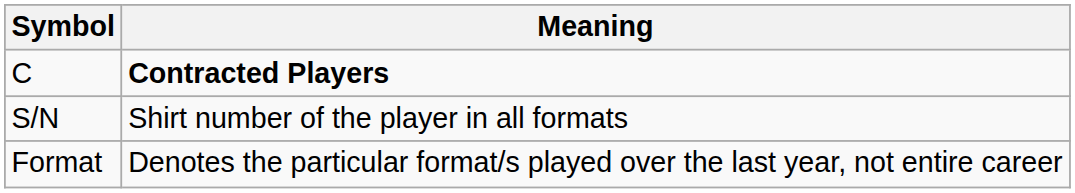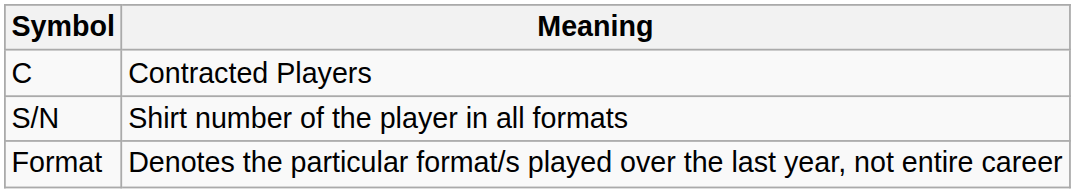 <table class="wikitable">
 <tr>
 <th>Symbol</th>
 <th>Meaning</th>
 </tr>
 <tr>
 <td>C</td>
-<td><strong>Contracted Players</strong></td>
+<td>Contracted Players</td>
 </tr>
 <tr>
 <td>S/N</td>
 <td>Shirt number of the player in all formats</td>
 </tr>
 <tr>
 <td>Format</td>
 <td>Denotes the particular format/s played over the last year, not entire career</td>
 </tr>
 </table>
